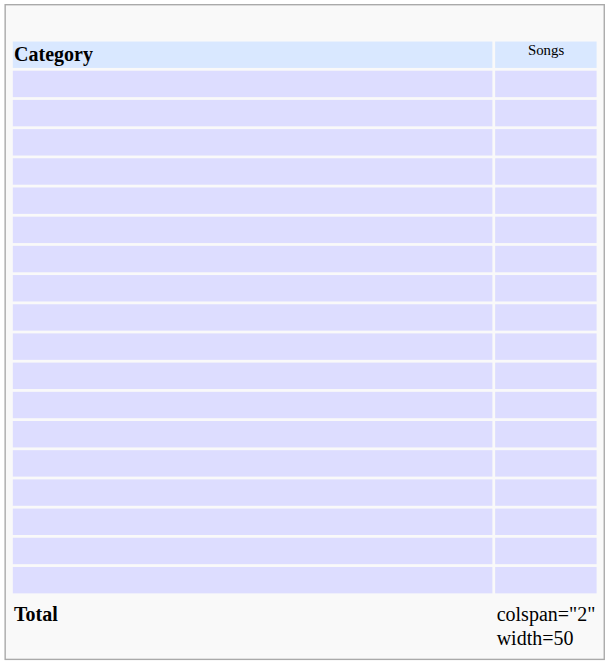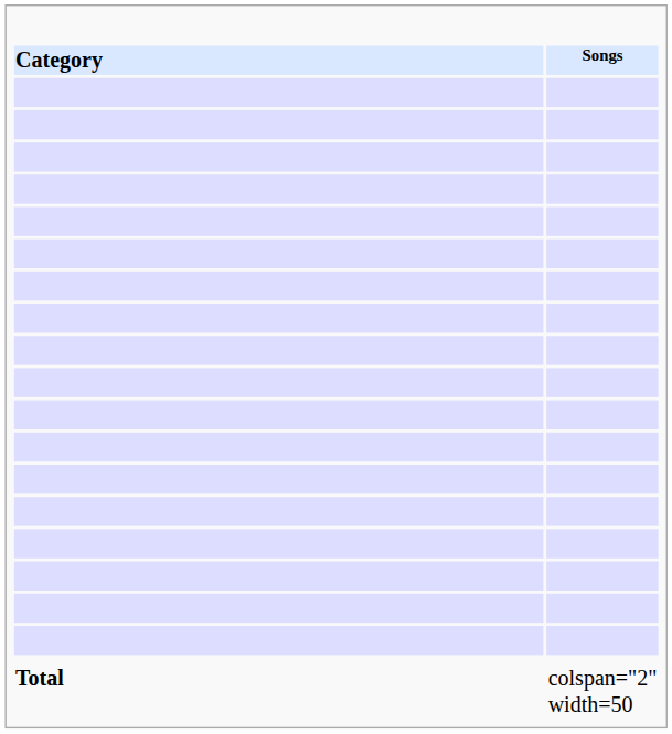 <table class="infobox" style="width: 30em; text-align: left; font-size: 90%; vertical-align: middle;">
 <tr>
 <td colspan="2" style="text-align:center;"><br></td>
 </tr>
 <tr style="background:#d9e8ff;">
 <th style="vertical-align: middle;">Category</th>
-<td style="background;text-align:center; font-size:8pt; width:60px;">Songs</td>
+<td style="background;text-align:center; font-size:8pt; width:60px;"><strong>Songs</strong></td>
 </tr>
 <tr style="background:#ddf;text-align:center;">
 <td style="text-align:center;"><br></td>
 <td></td>
 </tr>
 <tr style="background:#ddf;">
 <td style="text-align:center;"><br></td>
 <td></td>
 </tr>
 <tr style="background:#ddf;text-align:center;">
 <td style="text-align:center;"><br></td>
 <td></td>
 </tr>
 <tr style="background:#ddf;text-align:center;">
 <td style="text-align:center;"><br></td>
 <td></td>
 </tr>
 <tr style="background:#ddf;text-align:center;">
 <td style="text-align:center;"><br></td>
 <td></td>
 </tr>
 <tr style="background:#ddf;text-align:center;">
 <td style="text-align:center;"><br></td>
 <td></td>
 </tr>
 <tr style="background:#ddf;text-align:center;">
 <td style="text-align:center;"><br></td>
 <td></td>
 </tr>
 <tr style="background:#ddf;text-align:center;">
 <td style="text-align:center;"><br></td>
 <td></td>
 </tr>
 <tr style="background:#ddf;text-align:center;">
 <td style="text-align:center;"><br></td>
 <td></td>
 </tr>
 <tr style="background:#ddf;text-align:center;">
 <td style="text-align:center;"><br></td>
 <td></td>
 </tr>
 <tr style="background:#ddf;text-align:center;">
 <td style="text-align:center;"><br></td>
 <td></td>
 </tr>
 <tr style="background:#ddf;text-align:center;">
 <td style="text-align:center;"><br></td>
 <td></td>
 </tr>
 <tr style="background:#ddf;text-align:center;">
 <td style="text-align:center;"><br></td>
 <td></td>
 </tr>
 <tr style="background:#ddf;text-align:center;">
 <td style="text-align:center;"><br></td>
 <td></td>
 </tr>
 <tr style="background:#ddf;text-align:center;">
 <td style="text-align:center;"><br></td>
 <td></td>
 </tr>
 <tr style="background:#ddf;text-align:center;">
 <td style="text-align:center;"><br></td>
 <td></td>
 </tr>
 <tr style="background:#ddf;text-align:center;">
 <td style="text-align:center;"><br></td>
 <td></td>
 </tr>
 <tr style="background:#ddf;text-align:center;">
 <td style="text-align:center;"><br></td>
 <td></td>
 </tr>
 <tr>
 <td colspan="2" style="text-align:center;"></td>
 </tr>
 <tr>
 <td><strong>Total</strong></td>
 <td>colspan="2" width=50 </td>
 </tr>
 </table>
